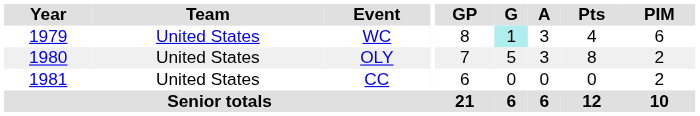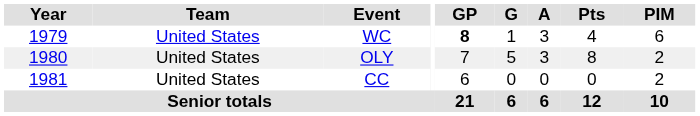 <table border="0" cellpadding="1" cellspacing="0" ID="Table3" style="text-align:center; width:40em">
 <tr bgcolor="#e0e0e0">
 <th>Year</th>
 <th>Team</th>
 <th>Event</th>
 <th rowspan="102" bgcolor="#ffffff"></th>
 <th>GP</th>
 <th>G</th>
 <th>A</th>
 <th>Pts</th>
 <th>PIM</th>
 </tr>
 <tr>
 <td><a href='#'>1979</a></td>
 <td><a href='#'>United States</a></td>
 <td><a href='#'>WC</a></td>
-<td>8</td>
-<td style="background: paleturquoise;">1</td>
+<td><strong>8</strong></td>
+<td>1</td>
 <td>3</td>
 <td>4</td>
 <td>6</td>
 </tr>
 <tr bgcolor="#f0f0f0">
 <td><a href='#'>1980</a></td>
 <td>United States</td>
 <td><a href='#'>OLY</a></td>
 <td>7</td>
 <td>5</td>
 <td>3</td>
 <td>8</td>
 <td>2</td>
 </tr>
 <tr>
 <td><a href='#'>1981</a></td>
 <td>United States</td>
 <td><a href='#'>CC</a></td>
 <td>6</td>
 <td>0</td>
 <td>0</td>
 <td>0</td>
 <td>2</td>
 </tr>
 <tr bgcolor="#e0e0e0">
 <th colspan="4">Senior totals</th>
 <th>21</th>
 <th>6</th>
 <th>6</th>
 <th>12</th>
 <th>10</th>
 </tr>
 </table>
